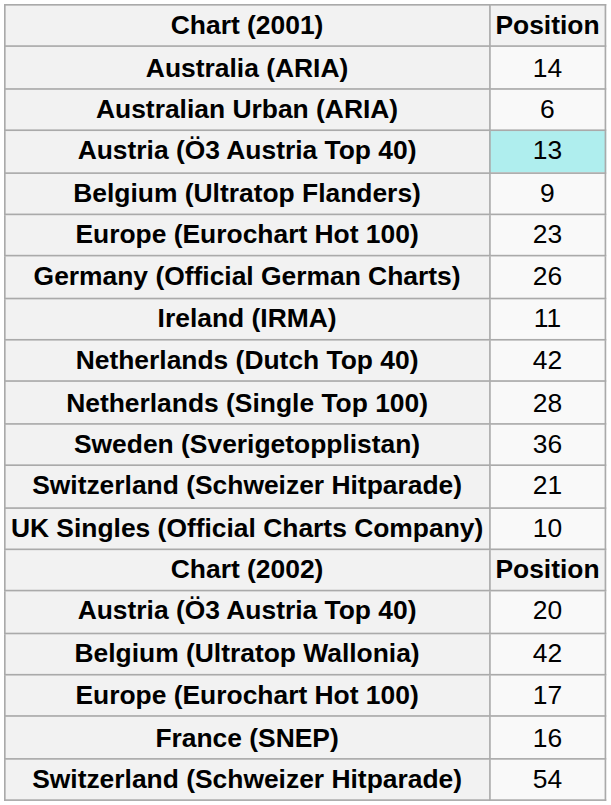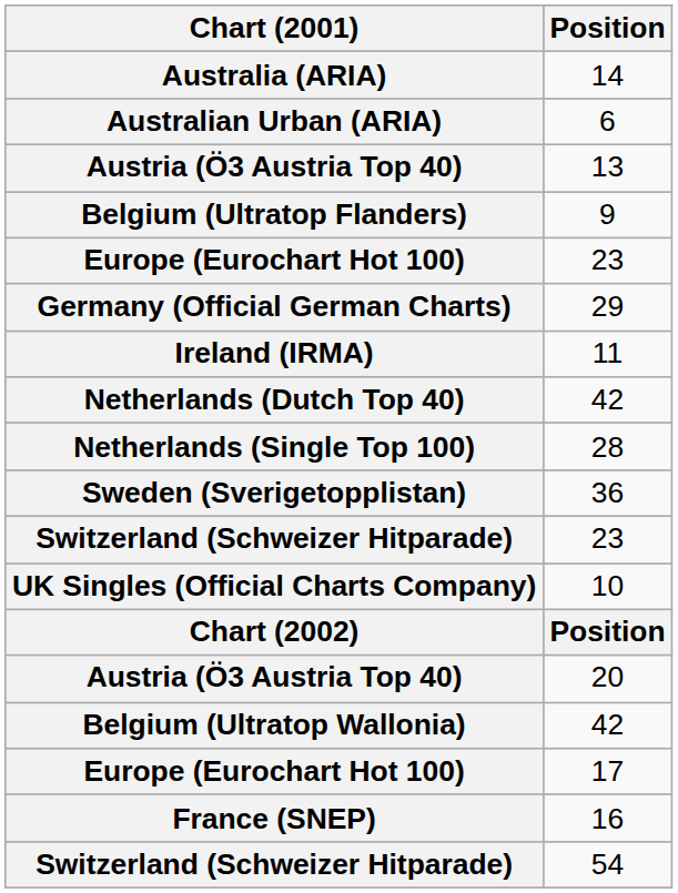 <table class="wikitable sortable plainrowheaders" style="text-align:center;">
 <tr>
 <th scope="col">Chart (2001)</th>
 <th scope="col">Position</th>
 </tr>
 <tr>
 <th scope="row">Australia (ARIA)</th>
 <td>14</td>
 </tr>
 <tr>
 <th scope="row">Australian Urban (ARIA)</th>
 <td>6</td>
 </tr>
 <tr>
 <th scope="row">Austria (Ö3 Austria Top 40)</th>
-<td style="background: paleturquoise;">13</td>
+<td>13</td>
 </tr>
 <tr>
 <th scope="row">Belgium (Ultratop Flanders)</th>
 <td>9</td>
 </tr>
 <tr>
 <th scope="row">Europe (Eurochart Hot 100)</th>
 <td>23</td>
 </tr>
 <tr>
 <th scope="row">Germany (Official German Charts)</th>
-<td>26</td>
+<td>29</td>
 </tr>
 <tr>
 <th scope="row">Ireland (IRMA)</th>
 <td>11</td>
 </tr>
 <tr>
 <th scope="row">Netherlands (Dutch Top 40)</th>
 <td>42</td>
 </tr>
 <tr>
 <th scope="row">Netherlands (Single Top 100)</th>
 <td>28</td>
 </tr>
 <tr>
 <th scope="row">Sweden (Sverigetopplistan)</th>
 <td>36</td>
 </tr>
 <tr>
 <th scope="row">Switzerland (Schweizer Hitparade)</th>
-<td>21</td>
+<td>23</td>
 </tr>
 <tr>
 <th scope="row">UK Singles (Official Charts Company)</th>
 <td>10</td>
 </tr>
 <tr>
 <th scope="col">Chart (2002)</th>
 <th scope="col">Position</th>
 </tr>
 <tr>
 <th scope="row">Austria (Ö3 Austria Top 40)</th>
 <td>20</td>
 </tr>
 <tr>
 <th scope="row">Belgium (Ultratop Wallonia)</th>
 <td>42</td>
 </tr>
 <tr>
 <th scope="row">Europe (Eurochart Hot 100)</th>
 <td>17</td>
 </tr>
 <tr>
 <th scope="row">France (SNEP)</th>
 <td>16</td>
 </tr>
 <tr>
 <th scope="row">Switzerland (Schweizer Hitparade)</th>
 <td>54</td>
 </tr>
 </table>
